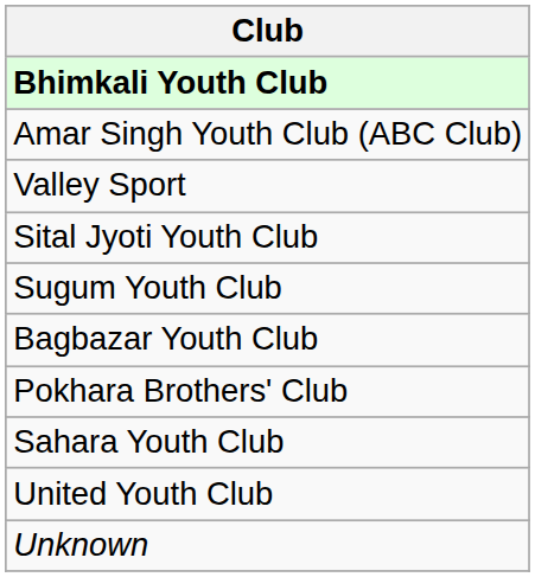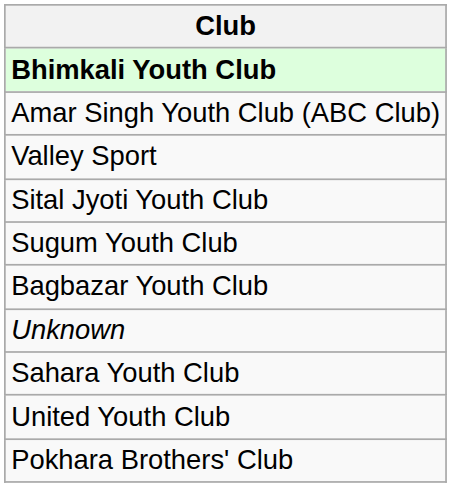 <table class="wikitable" border="1">
 <tr>
 <th>Club</th>
 </tr>
 <tr bgcolor=#dfd>
 <td><strong>Bhimkali Youth Club</strong></td>
 </tr>
 <tr>
 <td>Amar Singh Youth Club (ABC Club)</td>
 </tr>
 <tr>
 <td>Valley Sport</td>
 </tr>
 <tr>
 <td>Sital Jyoti Youth Club</td>
 </tr>
 <tr>
 <td>Sugum Youth Club</td>
 </tr>
 <tr>
 <td>Bagbazar Youth Club</td>
 </tr>
 <tr>
-<td>Pokhara Brothers' Club</td>
+<td><em>Unknown</em></td>
 </tr>
 <tr>
 <td>Sahara Youth Club</td>
 </tr>
 <tr>
 <td>United Youth Club</td>
 </tr>
 <tr>
-<td><em>Unknown</em></td>
+<td>Pokhara Brothers' Club</td>
 </tr>
 </table>
